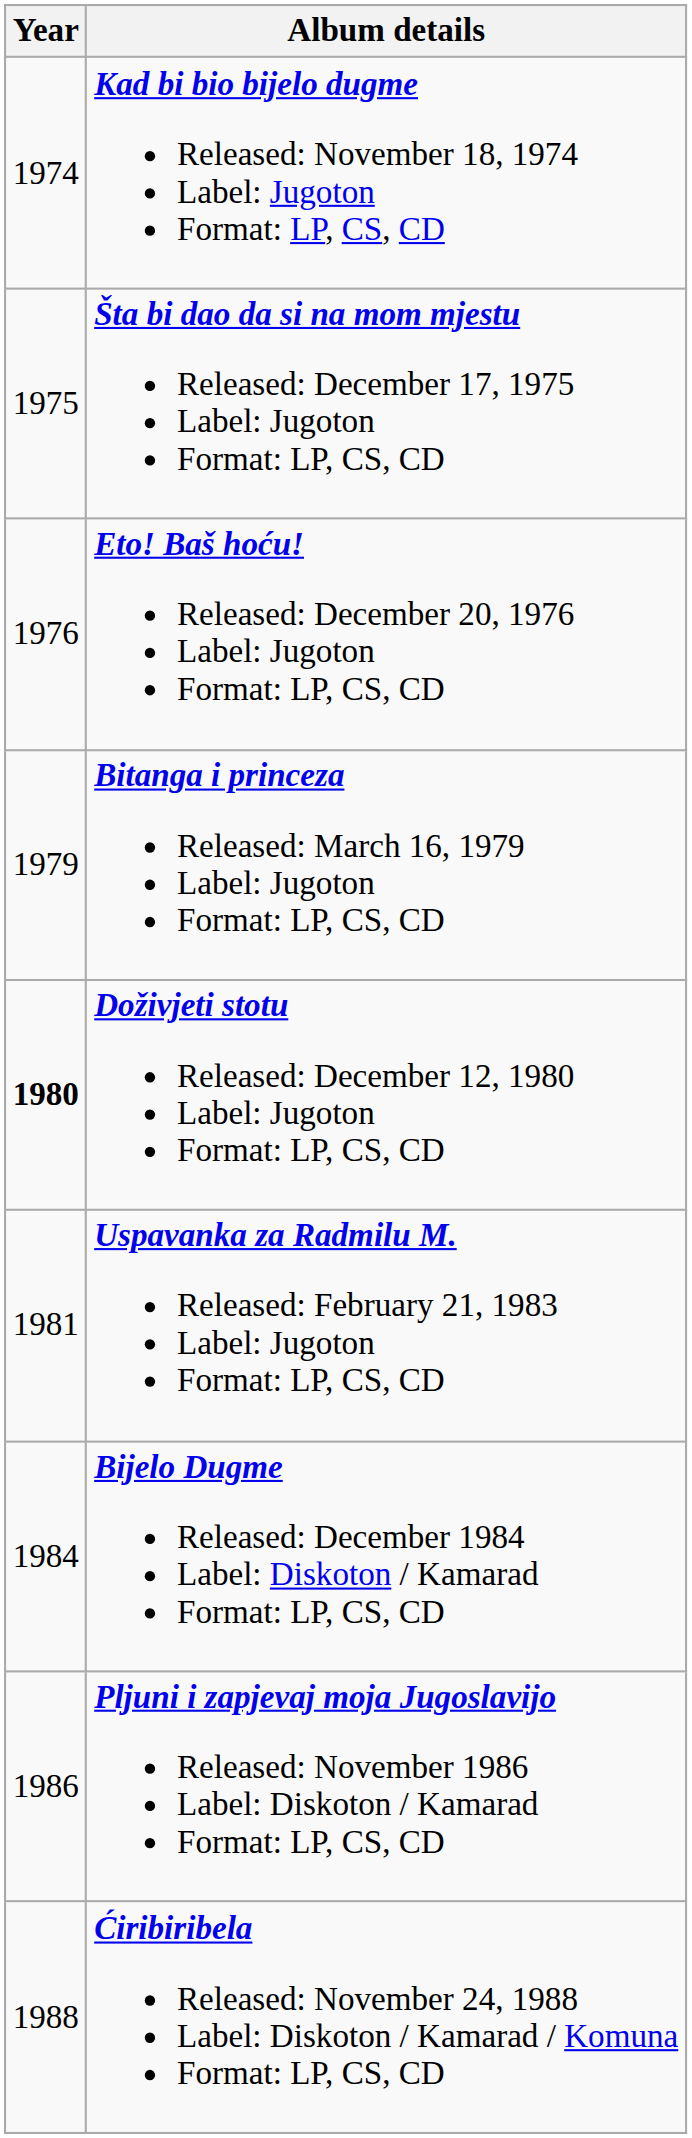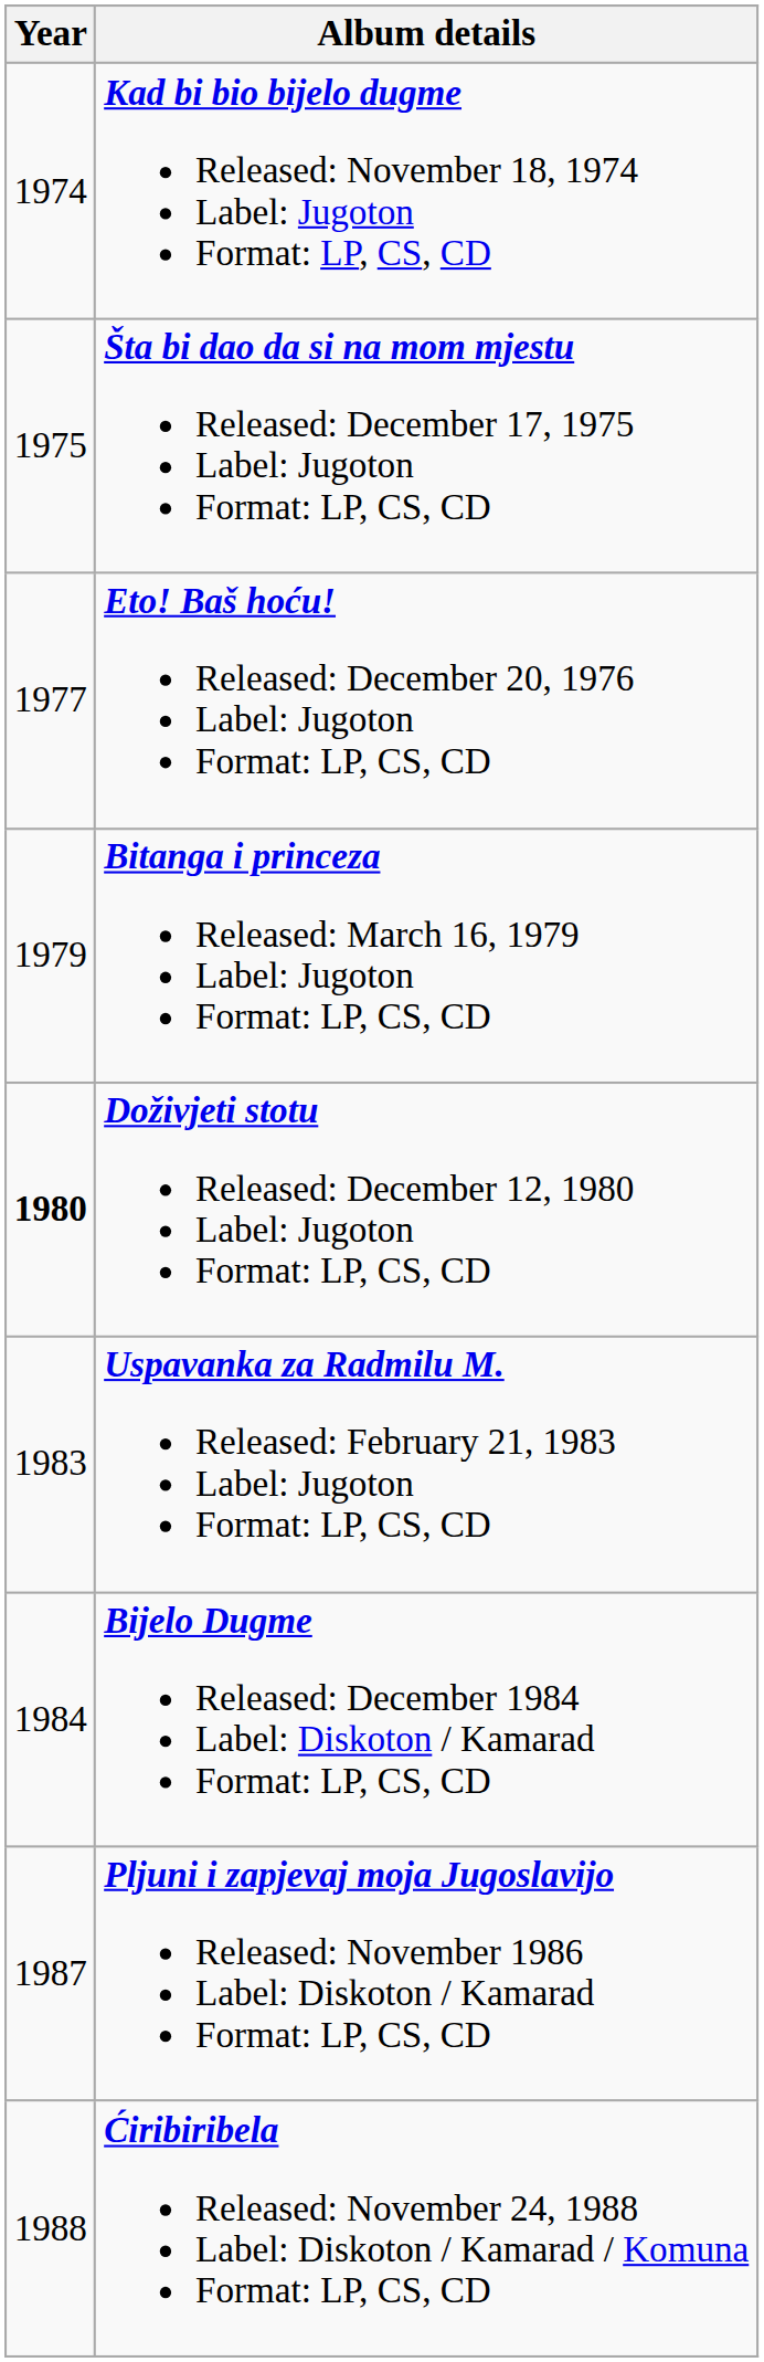 <table class ="wikitable">
 <tr>
 <th>Year</th>
 <th>Album details</th>
 </tr>
 <tr>
 <td align="center" rowspan="1">1974</td>
 <td><strong><em><a href='#'>Kad bi bio bijelo dugme</a></em></strong><br><ul><li>Released: November 18, 1974</li><li>Label: <a href='#'>Jugoton</a></li><li>Format: <a href='#'>LP</a>, <a href='#'>CS</a>, <a href='#'>CD</a></li></ul></td>
 </tr>
 <tr>
 <td align="center" rowspan="1">1975</td>
 <td><strong><em><a href='#'>Šta bi dao da si na mom mjestu</a></em></strong><br><ul><li>Released: December 17, 1975</li><li>Label: Jugoton</li><li>Format: LP, CS, CD</li></ul></td>
 </tr>
 <tr>
-<td align="center" rowspan="1">1976</td>
+<td align="center" rowspan="1">1977</td>
 <td><strong><em><a href='#'>Eto! Baš hoću!</a></em></strong><br><ul><li>Released: December 20, 1976</li><li>Label: Jugoton</li><li>Format: LP, CS, CD</li></ul></td>
 </tr>
 <tr>
 <td align="center" rowspan="1">1979</td>
 <td><strong><em><a href='#'>Bitanga i princeza</a></em></strong><br><ul><li>Released: March 16, 1979</li><li>Label: Jugoton</li><li>Format: LP, CS, CD</li></ul></td>
 </tr>
 <tr>
 <td align="center" rowspan="1"><strong>1980</strong></td>
 <td><strong><em><a href='#'>Doživjeti stotu</a></em></strong><br><ul><li>Released: December 12, 1980</li><li>Label: Jugoton</li><li>Format: LP, CS, CD</li></ul></td>
 </tr>
 <tr>
-<td align="center" rowspan="1">1981</td>
+<td align="center" rowspan="1">1983</td>
 <td><strong><em><a href='#'>Uspavanka za Radmilu M.</a></em></strong><br><ul><li>Released: February 21, 1983</li><li>Label: Jugoton</li><li>Format: LP, CS, CD</li></ul></td>
 </tr>
 <tr>
 <td align="center" rowspan="1">1984</td>
 <td><strong><em><a href='#'>Bijelo Dugme</a></em></strong><br><ul><li>Released: December 1984</li><li>Label: <a href='#'>Diskoton</a> / Kamarad</li><li>Format: LP, CS, CD</li></ul></td>
 </tr>
 <tr>
-<td align="center" rowspan="1">1986</td>
+<td align="center" rowspan="1">1987</td>
 <td><strong><em><a href='#'>Pljuni i zapjevaj moja Jugoslavijo</a></em></strong><br><ul><li>Released: November 1986</li><li>Label: Diskoton / Kamarad</li><li>Format: LP, CS, CD</li></ul></td>
 </tr>
 <tr>
 <td align="center" rowspan="1">1988</td>
 <td><strong><em><a href='#'>Ćiribiribela</a></em></strong><br><ul><li>Released: November 24, 1988</li><li>Label: Diskoton / Kamarad / <a href='#'>Komuna</a></li><li>Format: LP, CS, CD</li></ul></td>
 </tr>
 <tr>
 </tr>
 </table>
